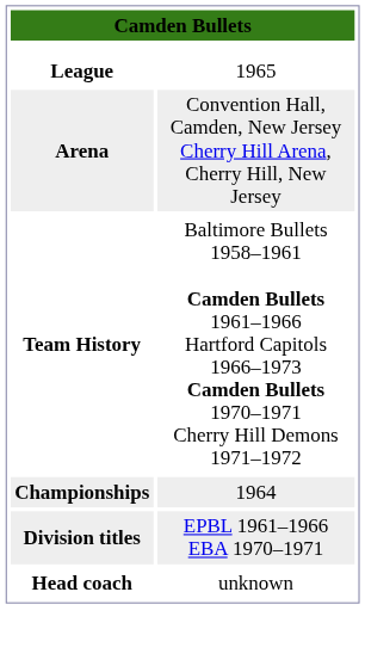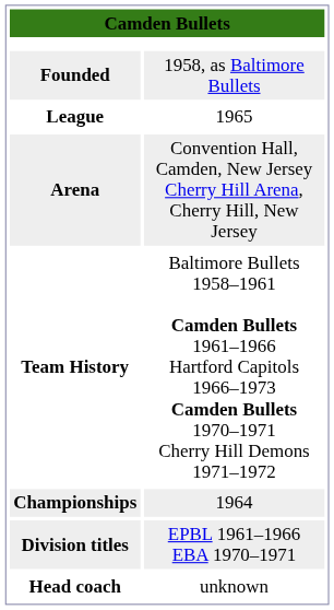 <table style="margin:5px; border:1px solid #8888AA;" align=right cellpadding=3 cellspacing=3 width=280>
 <tr align="center" bgcolor="#347C17">
 <td colspan=2><span><strong>Camden Bullets</strong></span></td>
 </tr>
 <tr align="center">
 <td colspan=2></td>
+</tr>
+<tr align="center" bgcolor="#eeeeee">
+<td><strong>Founded</strong></td>
+<td>1958, as <a href='#'>Baltimore Bullets</a></td>
 </tr>
 <tr align="center">
 <td><strong>League</strong></td>
 <td>1965</td>
 </tr>
 <tr align="center" bgcolor="#eeeeee">
 <td><strong>Arena</strong></td>
 <td>Convention Hall, Camden, New Jersey<br><a href='#'>Cherry Hill Arena</a>, Cherry Hill, New Jersey</td>
 </tr>
 <tr align="center">
 <td><strong>Team History</strong></td>
 <td>Baltimore Bullets<br>1958–1961<br><br><strong>Camden Bullets</strong><br>1961–1966<br> Hartford Capitols <br>1966–1973<br><strong>Camden Bullets</strong><br> 1970–1971<br> Cherry Hill Demons<br> 1971–1972<br></td>
 </tr>
 <tr align="center" bgcolor="#eeeeee">
 <td><strong>Championships</strong></td>
 <td>1964</td>
 </tr>
 <tr align="center" bgcolor="#eeeeee">
 <td><strong>Division titles</strong></td>
 <td><a href='#'>EPBL</a> 1961–1966<br><a href='#'>EBA</a> 1970–1971</td>
 </tr>
 <tr align="center">
 <td><strong>Head coach</strong></td>
 <td>unknown</td>
 </tr>
 </table>
